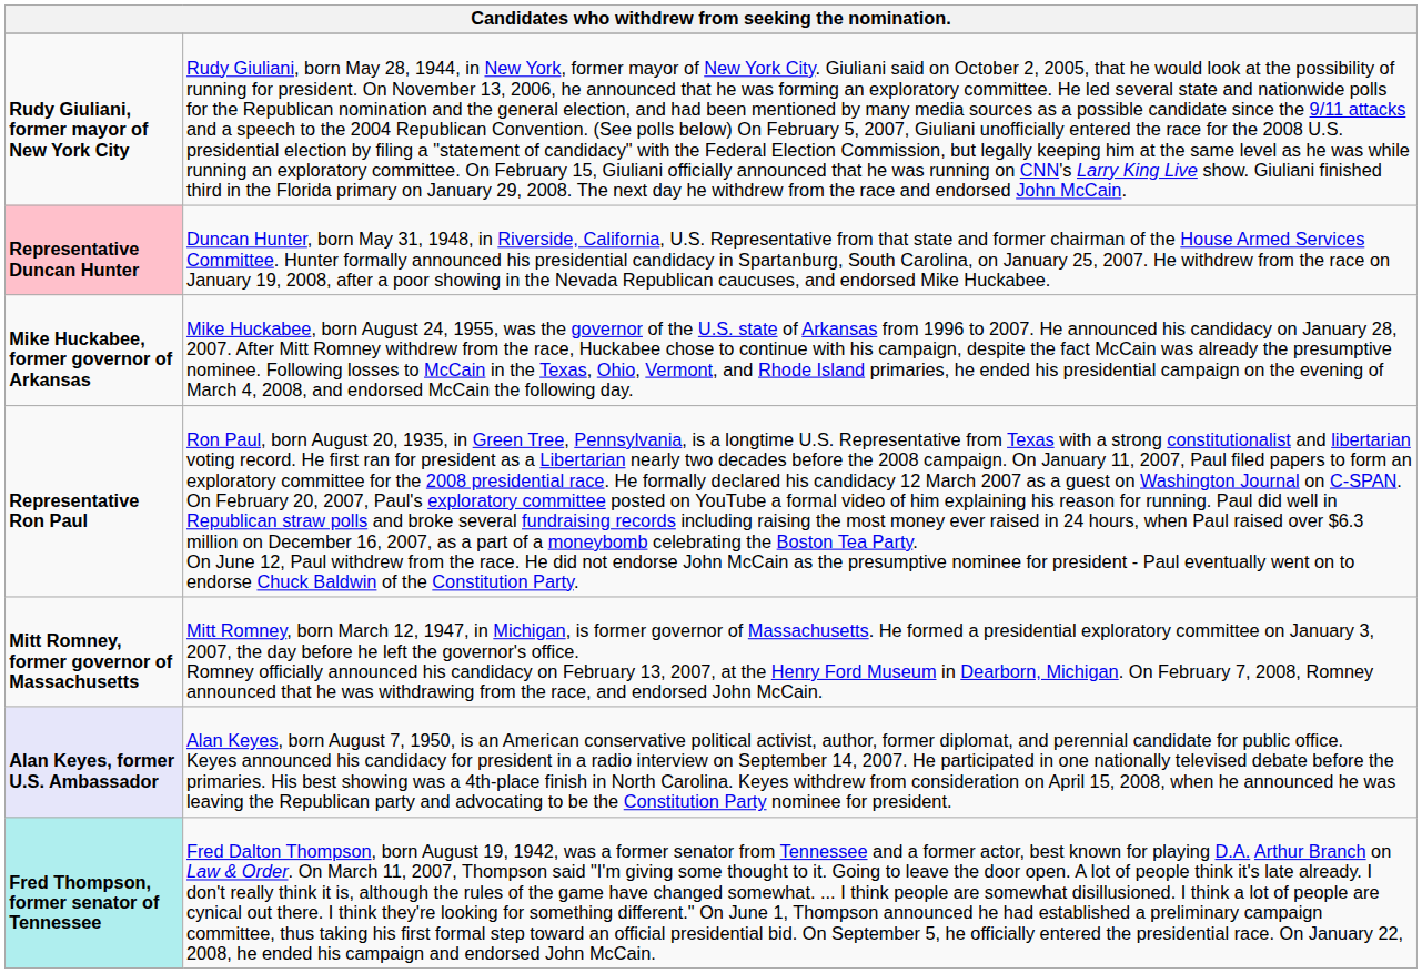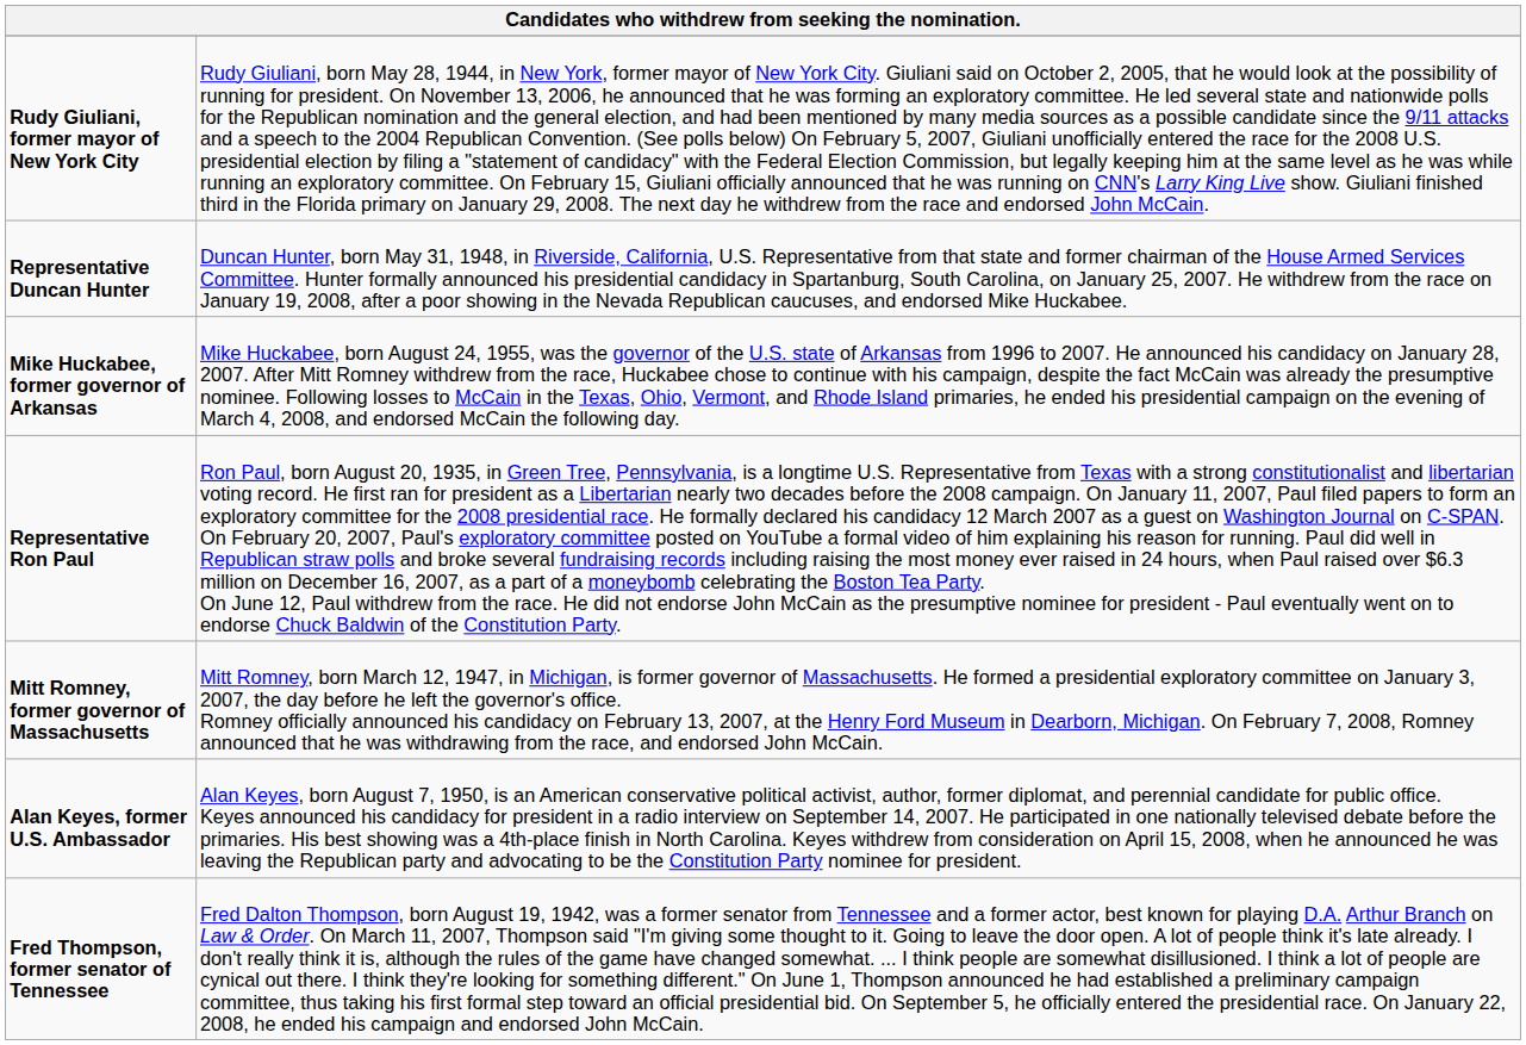 <table class=wikitable>
 <tr>
 <th colspan=2>Candidates who withdrew from seeking the nomination.</th>
 </tr>
 <tr>
 </tr>
 <tr>
 <td><br><strong>Rudy Giuliani, former mayor of New York City</strong></td>
 <td><br> <a href='#'>Rudy Giuliani</a>, born May 28, 1944, in <a href='#'>New York</a>, former mayor of <a href='#'>New York City</a>. Giuliani said on October 2, 2005, that he would look at the possibility of running for president.  On November 13, 2006, he announced that he was forming an exploratory committee. He led several state and nationwide polls for the Republican nomination and the general election, and had been mentioned by many media sources as a possible candidate since the <a href='#'>9/11 attacks</a> and a speech to the 2004 Republican Convention. (See polls below) On February 5, 2007, Giuliani unofficially entered the race for the 2008 U.S. presidential election by filing a "statement of candidacy" with the Federal Election Commission, but legally keeping him at the same level as he was while running an exploratory committee. On February 15, Giuliani officially announced that he was running on <a href='#'>CNN</a>'s <em><a href='#'>Larry King Live</a></em> show.  Giuliani finished third in the Florida primary on January 29, 2008. The next day he withdrew from the race and endorsed <a href='#'>John McCain</a>.</td>
 </tr>
 <tr>
-<td style="background: pink;"><br><strong>Representative Duncan Hunter</strong></td>
+<td><br><strong>Representative Duncan Hunter</strong></td>
 <td><br> <a href='#'>Duncan Hunter</a>, born May 31, 1948, in <a href='#'>Riverside, California</a>, U.S. Representative from that state and former chairman of the <a href='#'>House Armed Services Committee</a>.  Hunter formally announced his presidential candidacy in Spartanburg, South Carolina, on January 25, 2007.  He withdrew from the race on January 19, 2008, after a poor showing in the Nevada Republican caucuses, and endorsed Mike Huckabee.</td>
 </tr>
 <tr>
 <td><br><strong> Mike Huckabee, former governor of Arkansas</strong></td>
 <td><br> <a href='#'>Mike Huckabee</a>, born August 24, 1955, was the <a href='#'>governor</a> of the <a href='#'>U.S. state</a> of <a href='#'>Arkansas</a> from 1996 to 2007. He announced his candidacy on January 28, 2007. After Mitt Romney withdrew from the race, Huckabee chose to continue with his campaign, despite the fact McCain was already the presumptive nominee. Following losses to <a href='#'>McCain</a> in the <a href='#'>Texas</a>, <a href='#'>Ohio</a>, <a href='#'>Vermont</a>, and <a href='#'>Rhode Island</a> primaries, he ended his presidential campaign on the evening of March 4, 2008, and endorsed McCain the following day.</td>
 </tr>
 <tr>
 <td><br><strong>Representative Ron Paul</strong></td>
 <td><br> <a href='#'>Ron Paul</a>, born August 20, 1935, in <a href='#'>Green Tree</a>, <a href='#'>Pennsylvania</a>, is a longtime U.S. Representative from <a href='#'>Texas</a> with a strong <a href='#'>constitutionalist</a> and <a href='#'>libertarian</a> voting record. He first ran for president as a <a href='#'>Libertarian</a> nearly two decades before the 2008 campaign.  On January 11, 2007, Paul filed papers to form an exploratory committee for the <a href='#'>2008 presidential race</a>. He formally declared his candidacy 12 March 2007 as a guest on <a href='#'>Washington Journal</a> on <a href='#'>C-SPAN</a>. On February 20, 2007, Paul's <a href='#'>exploratory committee</a> posted on YouTube a formal video of him explaining his reason for running. Paul did well in <a href='#'>Republican straw polls</a> and broke several <a href='#'>fundraising records</a> including raising the most money ever raised in 24 hours, when Paul raised over $6.3 million on December 16, 2007, as a part of a <a href='#'>moneybomb</a> celebrating the <a href='#'>Boston Tea Party</a>.<br>On June 12, Paul withdrew from the race. He did not endorse John McCain as the presumptive nominee for president - Paul eventually went on to endorse <a href='#'>Chuck Baldwin</a> of the <a href='#'>Constitution Party</a>.</td>
 </tr>
 <tr>
 <td><br> <strong>Mitt Romney, former governor of Massachusetts</strong></td>
 <td><br> <a href='#'>Mitt Romney</a>, born March 12, 1947, in <a href='#'>Michigan</a>, is former governor of <a href='#'>Massachusetts</a>.  He formed a presidential exploratory committee on January 3, 2007, the day before he left the governor's office.<br>Romney officially announced his candidacy on February 13, 2007, at the <a href='#'>Henry Ford Museum</a> in <a href='#'>Dearborn, Michigan</a>. On February 7, 2008, Romney announced that he was withdrawing from the race, and endorsed John McCain.</td>
 </tr>
 <tr>
-<td style="background: lavender;"><br><strong>Alan Keyes, former U.S. Ambassador</strong></td>
+<td><br><strong>Alan Keyes, former U.S. Ambassador</strong></td>
 <td><br><a href='#'>Alan Keyes</a>, born August 7, 1950, is an American conservative political activist, author, former diplomat, and perennial candidate for public office.<br>Keyes announced his candidacy for president in a radio interview on September 14, 2007.  He participated in one nationally televised debate before the primaries.  His best showing was a 4th-place finish in North Carolina.  Keyes withdrew from consideration on April 15, 2008, when he announced he was leaving the Republican party and advocating to be the <a href='#'>Constitution Party</a> nominee for president.</td>
 </tr>
 <tr>
-<td style="background: paleturquoise;"><br><strong>Fred Thompson, former senator of Tennessee</strong></td>
+<td><br><strong>Fred Thompson, former senator of Tennessee</strong></td>
 <td><br> <a href='#'>Fred Dalton Thompson</a>, born August 19, 1942, was a former senator from <a href='#'>Tennessee</a> and a former actor, best known for playing <a href='#'>D.A.</a> <a href='#'>Arthur Branch</a> on <em><a href='#'>Law & Order</a></em>. On March 11, 2007, Thompson said "I'm giving some thought to it. Going to leave the door open. A lot of people think it's late already. I don't really think it is, although the rules of the game have changed somewhat. ... I think people are somewhat disillusioned. I think a lot of people are cynical out there. I think they're looking for something different." On June 1, Thompson announced he had established a preliminary campaign committee, thus taking his first formal step toward an official presidential bid. On September 5, he officially entered the presidential race.   On January 22, 2008, he ended his campaign and endorsed John McCain.</td>
 </tr>
 </table>
